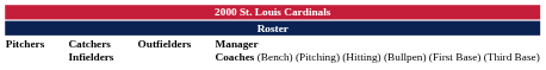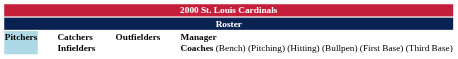 <table class="toccolours" style="font-size: 95%;">
 <tr>
 <th colspan="10" style="background-color: #c41e3a; color: #FFFFFF; text-align: center;">2000 St. Louis Cardinals</th>
 </tr>
 <tr>
 <td colspan="10" style="background-color: #0a2252; color: #FFFFFF; text-align: center;"><strong>Roster</strong></td>
 </tr>
 <tr>
-<td valign="top"><strong>Pitchers</strong><br>                       </td>
+<td valign="top" style="background: lightblue;"><strong>Pitchers</strong><br>                       </td>
 <td width="25px"></td>
 <td valign="top"><strong>Catchers</strong><br>     <strong>Infielders</strong>         </td>
 <td width="25px"></td>
 <td valign="top"><strong>Outfielders</strong><br>       </td>
 <td width="25px"></td>
 <td valign="top"><strong>Manager</strong><br> <strong>Coaches</strong>  (Bench)  (Pitching)  (Hitting)  (Bullpen)  (First Base)  (Third Base)</td>
 </tr>
 </table>
